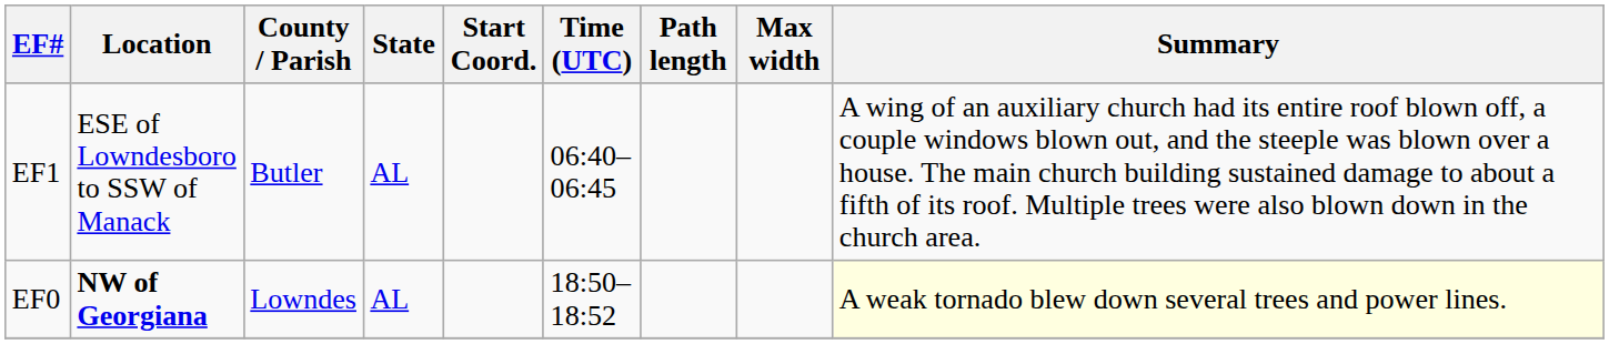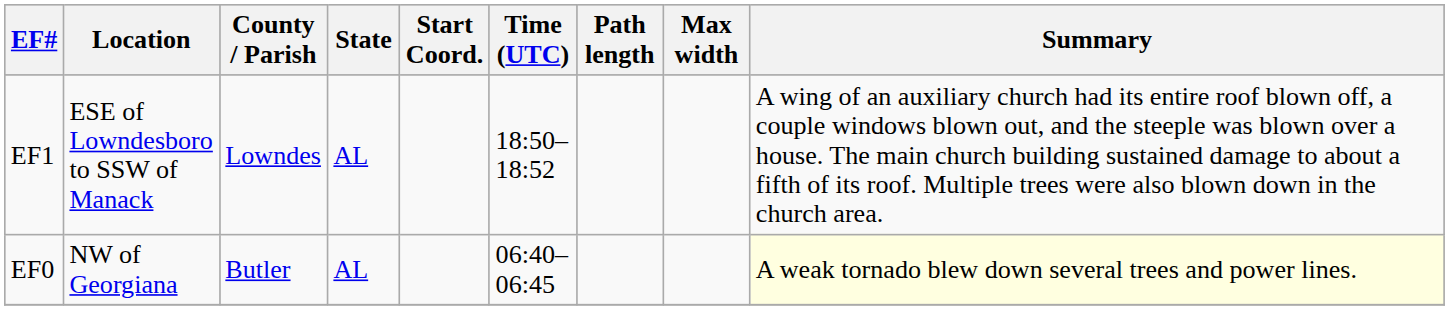 <table class="wikitable sortable" style="width:100%;">
 <tr>
 <th scope="col"  style="width:3%; text-align:center;"><a href='#'>EF#</a></th>
 <th scope="col"  style="width:7%; text-align:center;" class="unsortable">Location</th>
 <th scope="col"  style="width:6%; text-align:center;" class="unsortable">County / Parish</th>
 <th scope="col"  style="width:5%; text-align:center;">State</th>
 <th scope="col"  style="width:6%; text-align:center;">Start Coord.</th>
 <th scope="col"  style="width:6%; text-align:center;">Time (<a href='#'>UTC</a>)</th>
 <th scope="col"  style="width:6%; text-align:center;">Path length</th>
 <th scope="col"  style="width:6%; text-align:center;">Max width</th>
 <th scope="col" class="unsortable" style="width:48%; text-align:center;">Summary</th>
 </tr>
 <tr>
 <td>EF1</td>
 <td>ESE of <a href='#'>Lowndesboro</a> to SSW of <a href='#'>Manack</a></td>
-<td><a href='#'>Butler</a></td>
+<td><a href='#'>Lowndes</a></td>
 <td><a href='#'>AL</a></td>
 <td></td>
-<td>06:40–06:45</td>
+<td>18:50–18:52</td>
 <td></td>
 <td></td>
 <td>A wing of an auxiliary church had its entire roof blown off, a couple windows blown out, and the steeple was blown  over a house. The main church building sustained damage to about a fifth of its roof. Multiple trees were also blown down in the church area.</td>
 </tr>
 <tr>
 <td>EF0</td>
-<td><strong>NW of <a href='#'>Georgiana</a></strong></td>
-<td><a href='#'>Lowndes</a></td>
+<td>NW of <a href='#'>Georgiana</a></td>
+<td><a href='#'>Butler</a></td>
 <td><a href='#'>AL</a></td>
 <td></td>
-<td>18:50–18:52</td>
+<td>06:40–06:45</td>
 <td></td>
 <td></td>
 <td style="background: lightyellow;">A weak tornado blew down several trees and power lines.</td>
 </tr>
 <tr>
 </tr>
 </table>
